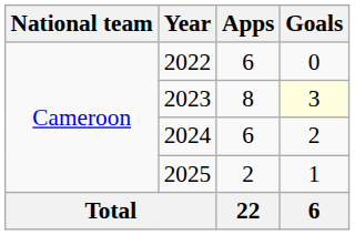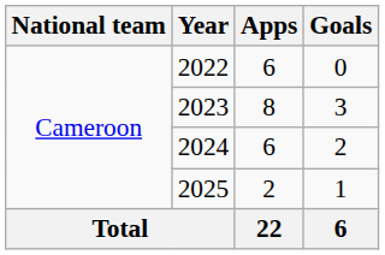 <table class="wikitable" style="text-align:center">
 <tr>
 <th>National team</th>
 <th>Year</th>
 <th>Apps</th>
 <th>Goals</th>
 </tr>
 <tr>
 <td rowspan="4"><a href='#'>Cameroon</a></td>
 <td>2022</td>
 <td>6</td>
 <td>0</td>
 </tr>
 <tr>
 <td>2023</td>
 <td>8</td>
-<td style="background: lightyellow;">3</td>
+<td>3</td>
 </tr>
 <tr>
 <td>2024</td>
 <td>6</td>
 <td>2</td>
 </tr>
 <tr>
 <td>2025</td>
 <td>2</td>
 <td>1</td>
 </tr>
 <tr>
 <th colspan="2">Total</th>
 <th>22</th>
 <th>6</th>
 </tr>
 </table>
